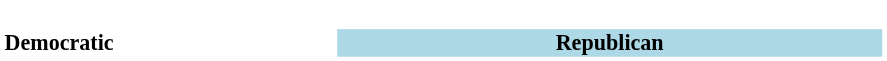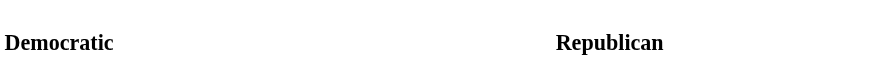 <table style="width:50em; text-align:center">
 <tr style="color:white">
 <td style="background:"><strong>54</strong></td>
 <td style="background:"><strong>42</strong></td>
 </tr>
 <tr>
 <td><span><strong>Democratic</strong></span></td>
-<td style="background: lightblue;"><span><strong>Republican</strong></span></td>
+<td><span><strong>Republican</strong></span></td>
 </tr>
 </table>
